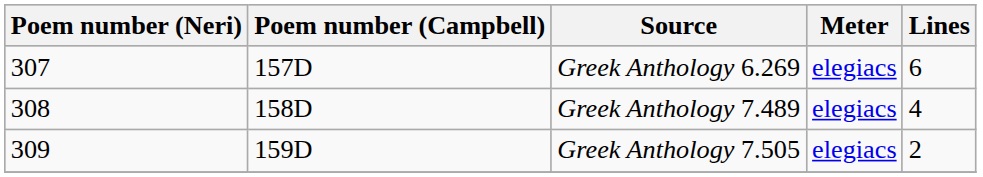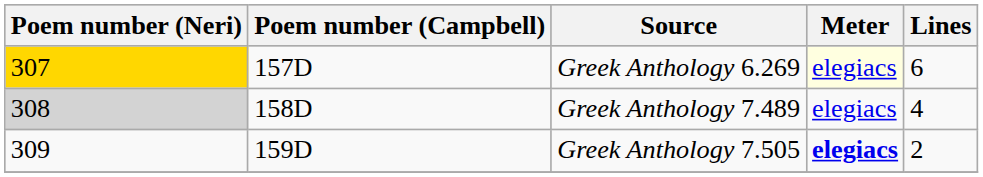 <table class="wikitable">
 <tr>
 <th>Poem number (Neri)</th>
 <th>Poem number (Campbell)</th>
 <th>Source</th>
 <th>Meter</th>
 <th>Lines</th>
 </tr>
 <tr>
-<td>307</td>
+<td style="background: gold;">307</td>
 <td>157D</td>
 <td><em>Greek Anthology</em> 6.269</td>
-<td><a href='#'>elegiacs</a></td>
+<td style="background: lightyellow;"><a href='#'>elegiacs</a></td>
 <td>6</td>
 </tr>
 <tr>
-<td>308</td>
+<td style="background: lightgrey;">308</td>
 <td>158D</td>
 <td><em>Greek Anthology</em> 7.489</td>
 <td><a href='#'>elegiacs</a></td>
 <td>4</td>
 </tr>
 <tr>
 <td>309</td>
 <td>159D</td>
 <td><em>Greek Anthology</em> 7.505</td>
-<td><a href='#'>elegiacs</a></td>
+<td><strong><a href='#'>elegiacs</a></strong></td>
 <td>2</td>
 </tr>
 <tr>
 </tr>
 </table>
